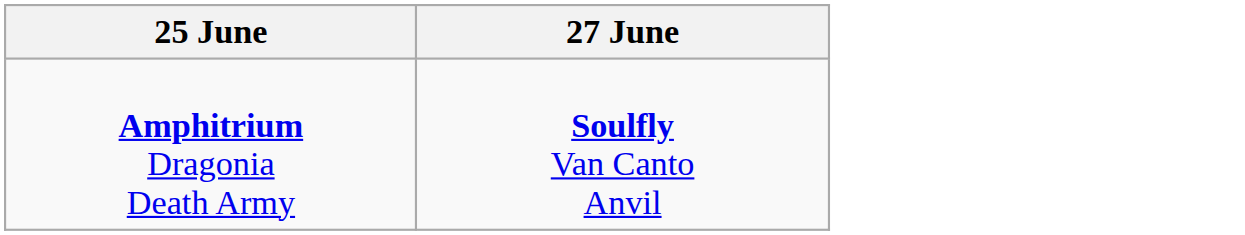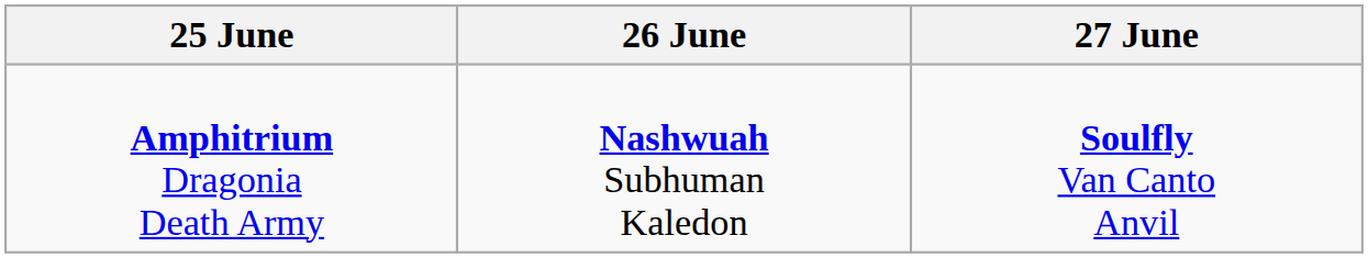 <table class="wikitable">
 <tr>
 <th>25 June</th>
+<th>26 June</th>
 <th>27 June</th>
 </tr>
 <tr>
 <td valign="top" align="center" width=185><br><strong><a href='#'>Amphitrium</a></strong> <br><a href='#'>Dragonia</a> <br><a href='#'>Death Army</a></td>
+<td valign="top" align="center" width=185><br><strong><a href='#'>Nashwuah</a></strong> <br>Subhuman <br>Kaledon</td>
 <td valign="top" align="center" width=185><br><strong><a href='#'>Soulfly</a></strong> <br><a href='#'>Van Canto</a> <br><a href='#'>Anvil</a></td>
 </tr>
 </table>
